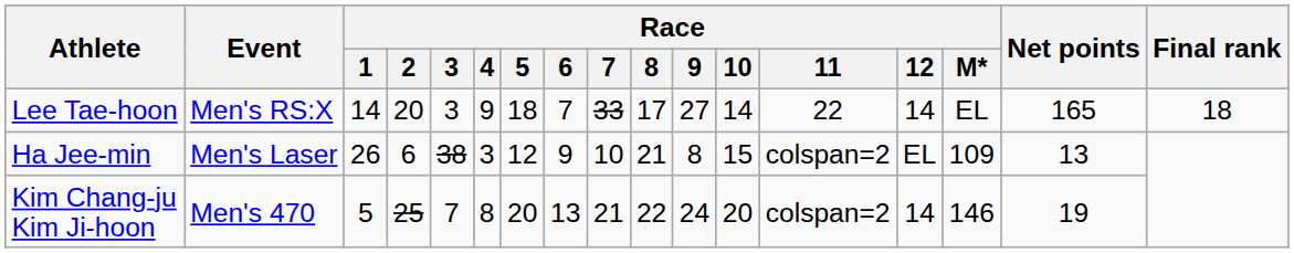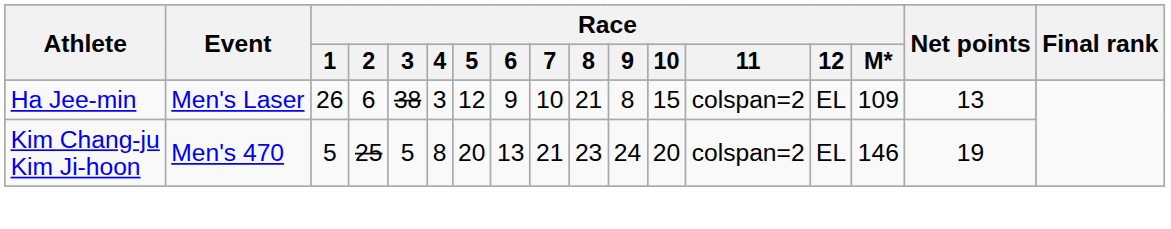 <table class="wikitable" style="font-size:90%">
 <tr>
 <th rowspan="2">Athlete</th>
 <th rowspan="2">Event</th>
 <th colspan=13>Race</th>
 <th rowspan=2>Net points</th>
 <th rowspan=2>Final rank</th>
 </tr>
 <tr style="font-size:95%">
 <th>1</th>
 <th>2</th>
 <th>3</th>
 <th>4</th>
 <th>5</th>
 <th>6</th>
 <th>7</th>
 <th>8</th>
 <th>9</th>
 <th>10</th>
 <th>11</th>
 <th>12</th>
 <th>M*</th>
 </tr>
 <tr align=center>
-<td align=left><a href='#'>Lee Tae-hoon</a></td>
-<td align=left><a href='#'>Men's RS:X</a></td>
-<td>14</td>
-<td>20</td>
-<td>3</td>
-<td>9</td>
-<td>18</td>
-<td>7</td>
-<td><s>33</s></td>
-<td>17</td>
-<td>27</td>
-<td>14</td>
-<td>22</td>
-<td>14</td>
-<td>EL</td>
-<td>165</td>
-<td>18</td>
-</tr>
-<tr align=center>
 <td align=left><a href='#'>Ha Jee-min</a></td>
 <td align=left><a href='#'>Men's Laser</a></td>
 <td>26</td>
 <td>6</td>
 <td><s>38</s></td>
 <td>3</td>
 <td>12</td>
 <td>9</td>
 <td>10</td>
 <td>21</td>
 <td>8</td>
 <td>15</td>
 <td>colspan=2 </td>
 <td>EL</td>
 <td>109</td>
 <td>13</td>
 </tr>
 <tr align=center>
 <td align=left><a href='#'>Kim Chang-ju</a><br><a href='#'>Kim Ji-hoon</a></td>
 <td align=left><a href='#'>Men's 470</a></td>
 <td>5</td>
 <td><s>25</s></td>
-<td>7</td>
+<td>5</td>
 <td>8</td>
 <td>20</td>
 <td>13</td>
 <td>21</td>
-<td>22</td>
+<td>23</td>
 <td>24</td>
 <td>20</td>
 <td>colspan=2 </td>
-<td>14</td>
+<td>EL</td>
 <td>146</td>
 <td>19</td>
 </tr>
 </table>
